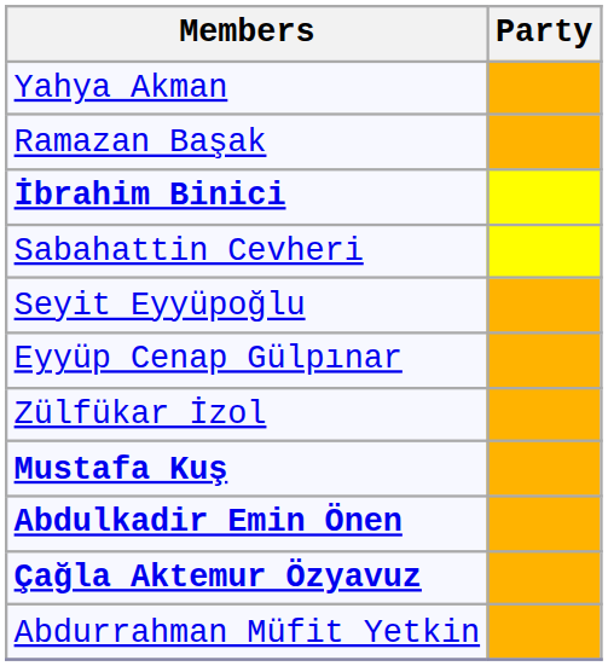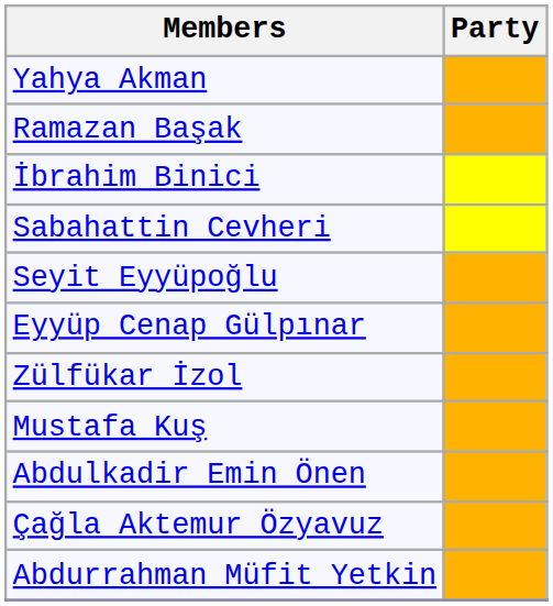 <table class=wikitable style="border:1px solid #8888aa; background-color:#f7f8ff; padding:0px; font-size:90%;">
 <tr>
 <th>Members</th>
 <th colspan="2">Party</th>
 </tr>
 <tr>
 <td><a href='#'>Yahya Akman</a></td>
 <td style="background: #ffb300"></td>
 </tr>
 <tr>
 <td><a href='#'>Ramazan Başak</a></td>
 <td style="background: #ffb300"></td>
 </tr>
 <tr>
-<td><strong><a href='#'>İbrahim Binici</a></strong></td>
+<td><a href='#'>İbrahim Binici</a></td>
 <td style="background: #ffff00"></td>
 </tr>
 <tr>
 <td><a href='#'>Sabahattin Cevheri</a></td>
 <td style="background: #ffff00"></td>
 </tr>
 <tr>
 <td><a href='#'>Seyit Eyyüpoğlu</a></td>
 <td style="background: #ffb300"></td>
 </tr>
 <tr>
 <td><a href='#'>Eyyüp Cenap Gülpınar</a></td>
 <td style="background: #ffb300"></td>
 </tr>
 <tr>
 <td><a href='#'>Zülfükar İzol</a></td>
 <td style="background: #ffb300"></td>
 </tr>
 <tr>
-<td><strong><a href='#'>Mustafa Kuş</a></strong></td>
+<td><a href='#'>Mustafa Kuş</a></td>
 <td style="background: #ffb300"></td>
 </tr>
 <tr>
-<td><strong><a href='#'>Abdulkadir Emin Önen</a></strong></td>
+<td><a href='#'>Abdulkadir Emin Önen</a></td>
 <td style="background: #ffb300"></td>
 </tr>
 <tr>
-<td><strong><a href='#'>Çağla Aktemur Özyavuz</a></strong></td>
+<td><a href='#'>Çağla Aktemur Özyavuz</a></td>
 <td style="background: #ffb300"></td>
 </tr>
 <tr>
 <td><a href='#'>Abdurrahman Müfit Yetkin</a></td>
 <td style="background: #ffb300"></td>
 </tr>
 <tr>
 </tr>
 </table>
